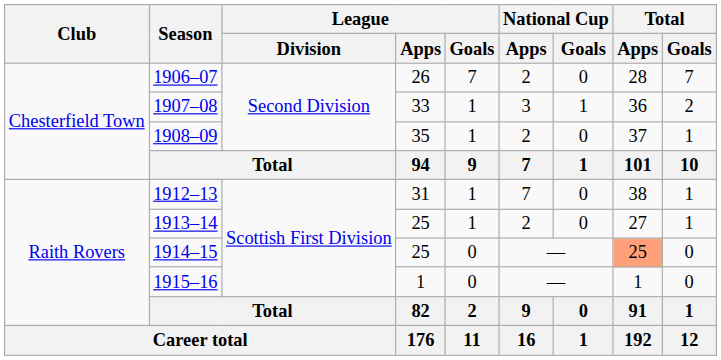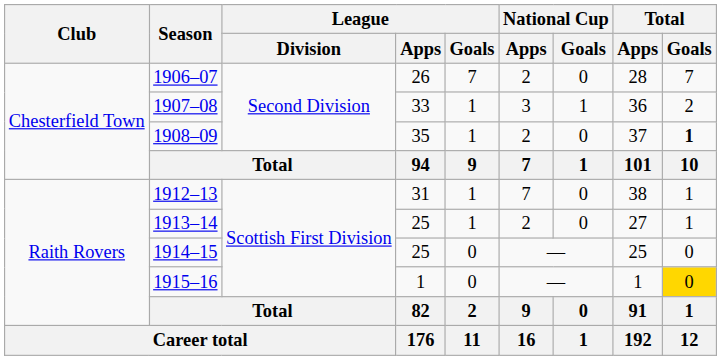 <table class="wikitable" style="text-align: center">
 <tr>
 <th rowspan="2">Club</th>
 <th rowspan="2">Season</th>
 <th colspan="3">League</th>
 <th colspan="2">National Cup</th>
 <th colspan="2">Total</th>
 </tr>
 <tr>
 <th>Division</th>
 <th>Apps</th>
 <th>Goals</th>
 <th>Apps</th>
 <th>Goals</th>
 <th>Apps</th>
 <th>Goals</th>
 </tr>
 <tr>
 <td rowspan="4"><a href='#'>Chesterfield Town</a></td>
 <td><a href='#'>1906–07</a></td>
 <td rowspan="3"><a href='#'>Second Division</a></td>
 <td>26</td>
 <td>7</td>
 <td>2</td>
 <td>0</td>
 <td>28</td>
 <td>7</td>
 </tr>
 <tr>
 <td><a href='#'>1907–08</a></td>
 <td>33</td>
 <td>1</td>
 <td>3</td>
 <td>1</td>
 <td>36</td>
 <td>2</td>
 </tr>
 <tr>
 <td><a href='#'>1908–09</a></td>
 <td>35</td>
 <td>1</td>
 <td>2</td>
 <td>0</td>
 <td>37</td>
-<td>1</td>
+<td><strong>1</strong></td>
 </tr>
 <tr>
 <th colspan="2">Total</th>
 <th>94</th>
 <th>9</th>
 <th>7</th>
 <th>1</th>
 <th>101</th>
 <th>10</th>
 </tr>
 <tr>
 <td rowspan="5"><a href='#'>Raith Rovers</a></td>
 <td><a href='#'>1912–13</a></td>
 <td rowspan="4"><a href='#'>Scottish First Division</a></td>
 <td>31</td>
 <td>1</td>
 <td>7</td>
 <td>0</td>
 <td>38</td>
 <td>1</td>
 </tr>
 <tr>
 <td><a href='#'>1913–14</a></td>
 <td>25</td>
 <td>1</td>
 <td>2</td>
 <td>0</td>
 <td>27</td>
 <td>1</td>
 </tr>
 <tr>
 <td><a href='#'>1914–15</a></td>
 <td>25</td>
 <td>0</td>
 <td colspan="2">—</td>
-<td style="background: lightsalmon;">25</td>
+<td>25</td>
 <td>0</td>
 </tr>
 <tr>
 <td><a href='#'>1915–16</a></td>
 <td>1</td>
 <td>0</td>
 <td colspan="2">—</td>
 <td>1</td>
-<td>0</td>
+<td style="background: gold;">0</td>
 </tr>
 <tr>
 <th colspan="2">Total</th>
 <th>82</th>
 <th>2</th>
 <th>9</th>
 <th>0</th>
 <th>91</th>
 <th>1</th>
 </tr>
 <tr>
 <th colspan="3">Career total</th>
 <th>176</th>
 <th>11</th>
 <th>16</th>
 <th>1</th>
 <th>192</th>
 <th>12</th>
 </tr>
 </table>
